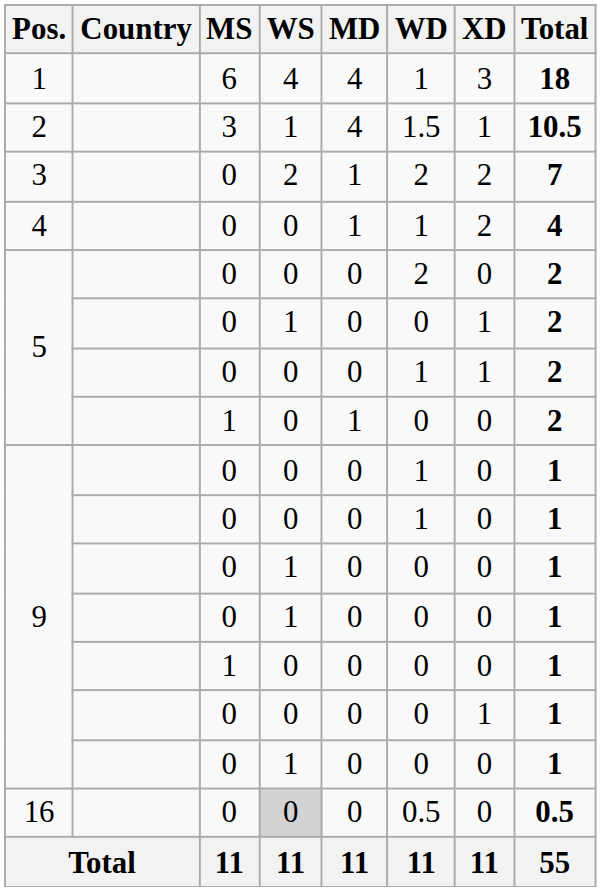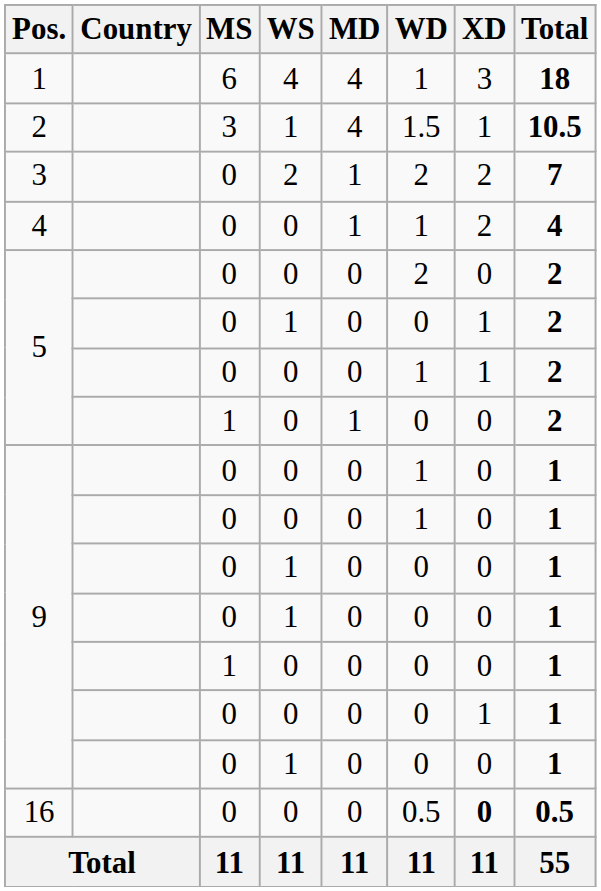 <table class="wikitable" style="text-align:center">
 <tr>
 <th>Pos.</th>
 <th>Country</th>
 <th>MS</th>
 <th>WS</th>
 <th>MD</th>
 <th>WD</th>
 <th>XD</th>
 <th>Total</th>
 </tr>
 <tr>
 <td>1</td>
 <td align="left"></td>
 <td>6</td>
 <td>4</td>
 <td>4</td>
 <td>1</td>
 <td>3</td>
 <td><strong>18</strong></td>
 </tr>
 <tr>
 <td>2</td>
 <td align="left"></td>
 <td>3</td>
 <td>1</td>
 <td>4</td>
 <td>1.5</td>
 <td>1</td>
 <td><strong>10.5</strong></td>
 </tr>
 <tr>
 <td>3</td>
 <td align="left"></td>
 <td>0</td>
 <td>2</td>
 <td>1</td>
 <td>2</td>
 <td>2</td>
 <td><strong>7</strong></td>
 </tr>
 <tr>
 <td>4</td>
 <td align="left"></td>
 <td>0</td>
 <td>0</td>
 <td>1</td>
 <td>1</td>
 <td>2</td>
 <td><strong>4</strong></td>
 </tr>
 <tr>
 <td rowspan="4">5</td>
 <td align="left"></td>
 <td>0</td>
 <td>0</td>
 <td>0</td>
 <td>2</td>
 <td>0</td>
 <td><strong>2</strong></td>
 </tr>
 <tr>
 <td align="left"></td>
 <td>0</td>
 <td>1</td>
 <td>0</td>
 <td>0</td>
 <td>1</td>
 <td><strong>2</strong></td>
 </tr>
 <tr>
 <td align="left"></td>
 <td>0</td>
 <td>0</td>
 <td>0</td>
 <td>1</td>
 <td>1</td>
 <td><strong>2</strong></td>
 </tr>
 <tr>
 <td align="left"></td>
 <td>1</td>
 <td>0</td>
 <td>1</td>
 <td>0</td>
 <td>0</td>
 <td><strong>2</strong></td>
 </tr>
 <tr>
 <td rowspan="7">9</td>
 <td align="left"></td>
 <td>0</td>
 <td>0</td>
 <td>0</td>
 <td>1</td>
 <td>0</td>
 <td><strong>1</strong></td>
 </tr>
 <tr>
 <td align="left"></td>
 <td>0</td>
 <td>0</td>
 <td>0</td>
 <td>1</td>
 <td>0</td>
 <td><strong>1</strong></td>
 </tr>
 <tr>
 <td align="left"></td>
 <td>0</td>
 <td>1</td>
 <td>0</td>
 <td>0</td>
 <td>0</td>
 <td><strong>1</strong></td>
 </tr>
 <tr>
 <td align="left"></td>
 <td>0</td>
 <td>1</td>
 <td>0</td>
 <td>0</td>
 <td>0</td>
 <td><strong>1</strong></td>
 </tr>
 <tr>
 <td align="left"></td>
 <td>1</td>
 <td>0</td>
 <td>0</td>
 <td>0</td>
 <td>0</td>
 <td><strong>1</strong></td>
 </tr>
 <tr>
 <td align="left"></td>
 <td>0</td>
 <td>0</td>
 <td>0</td>
 <td>0</td>
 <td>1</td>
 <td><strong>1</strong></td>
 </tr>
 <tr>
 <td align="left"></td>
 <td>0</td>
 <td>1</td>
 <td>0</td>
 <td>0</td>
 <td>0</td>
 <td><strong>1</strong></td>
 </tr>
 <tr>
 <td>16</td>
 <td align="left"><strong></strong></td>
 <td>0</td>
-<td style="background: lightgrey;">0</td>
+<td>0</td>
 <td>0</td>
 <td>0.5</td>
-<td>0</td>
+<td><strong>0</strong></td>
 <td><strong>0.5</strong></td>
 </tr>
 <tr>
 <th colspan="2">Total</th>
 <th>11</th>
 <th>11</th>
 <th>11</th>
 <th>11</th>
 <th>11</th>
 <th>55</th>
 </tr>
 </table>
